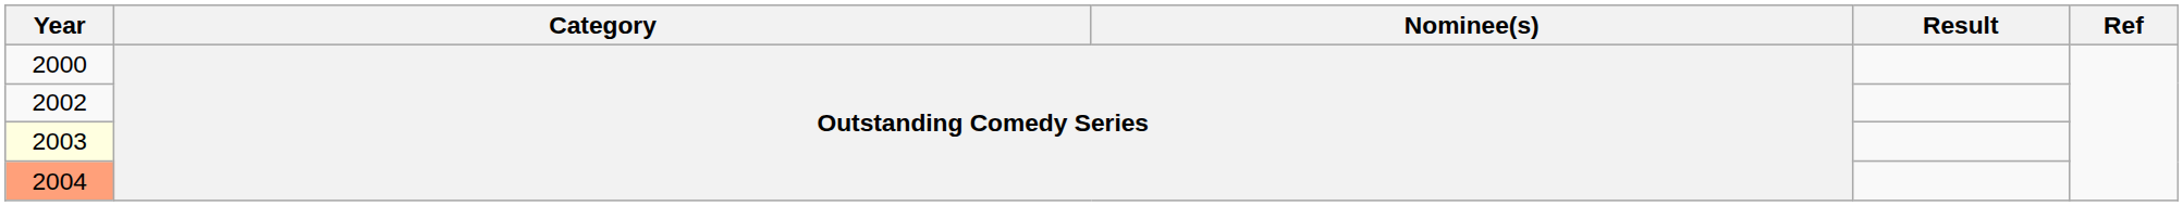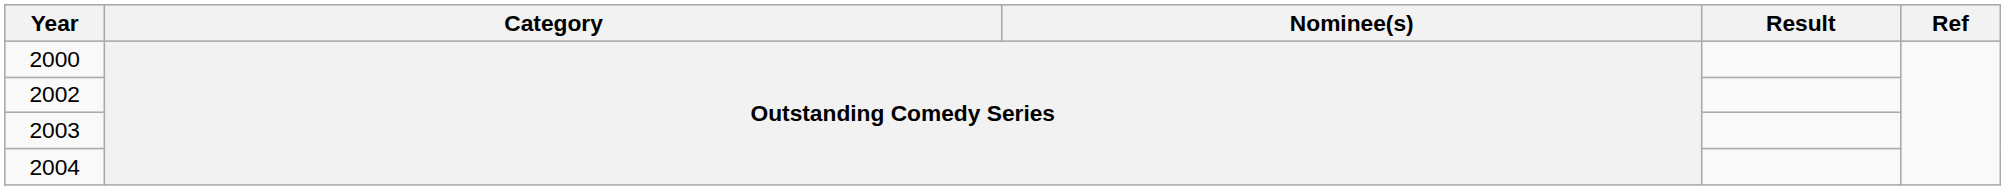 <table class="wikitable plainrowheaders" style="font-size: 90%; text-align:center" width=100%>
 <tr>
 <th scope="col" width="5%">Year</th>
 <th scope="col" width="45%">Category</th>
 <th scope="col" width="35%">Nominee(s)</th>
 <th scope="col" width="10%">Result</th>
 <th scope="col" width="5%">Ref</th>
 </tr>
 <tr>
 <td>2000</td>
 <th scope="row" style="text-align:center" rowspan=4 colspan="2">Outstanding Comedy Series</th>
 <td></td>
 <td rowspan=4></td>
 </tr>
 <tr>
 <td>2002</td>
 <td></td>
 </tr>
 <tr>
-<td style="background: lightyellow;">2003</td>
+<td>2003</td>
 <td></td>
 </tr>
 <tr>
-<td style="background: lightsalmon;">2004</td>
+<td>2004</td>
 <td></td>
 </tr>
 </table>
